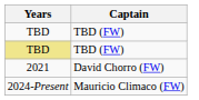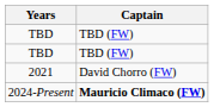 <table class="wikitable">
 <tr>
 <th>Years</th>
 <th>Captain</th>
 </tr>
 <tr>
 <td align=center>TBD</td>
 <td> TBD (<a href='#'>FW</a>)</td>
 </tr>
 <tr>
-<td align=center style="background: khaki;">TBD</td>
+<td align=center>TBD</td>
 <td> TBD (<a href='#'>FW</a>)</td>
 </tr>
 <tr>
 <td align=center>2021</td>
 <td> David Chorro (<a href='#'>FW</a>)</td>
 </tr>
 <tr>
 <td align=center>2024-<em>Present</em></td>
-<td> Mauricio Climaco (<a href='#'>FW</a>)</td>
+<td><strong> Mauricio Climaco (<a href='#'>FW</a>)</strong></td>
 </tr>
 </table>
